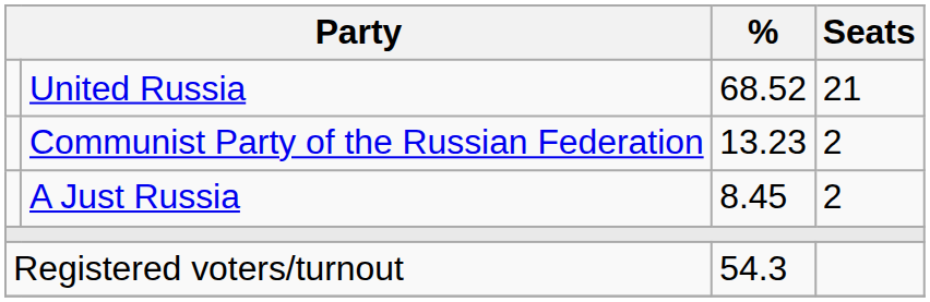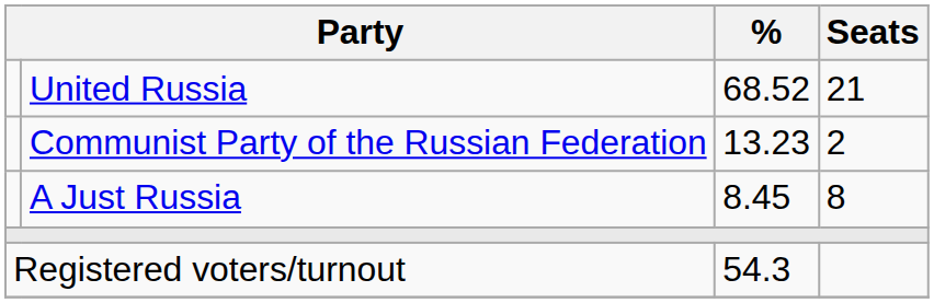 <table class="wikitable">
 <tr>
 <th colspan=2>Party</th>
 <th>%</th>
 <th>Seats</th>
 </tr>
 <tr>
 <td style="background:"></td>
 <td><a href='#'>United Russia</a></td>
 <td>68.52</td>
 <td>21</td>
 </tr>
 <tr>
 <td style="background:"></td>
 <td><a href='#'>Communist Party of the Russian Federation</a></td>
 <td>13.23</td>
 <td>2</td>
 </tr>
 <tr>
 <td style="background:"></td>
 <td><a href='#'>A Just Russia</a></td>
 <td>8.45</td>
-<td>2</td>
+<td>8</td>
 </tr>
 <tr>
 <td colspan=4 style="background:#E9E9E9;"></td>
 </tr>
 <tr>
 <td align=left colspan=2>Registered voters/turnout</td>
 <td>54.3</td>
 <td></td>
 </tr>
 <tr>
 </tr>
 </table>
